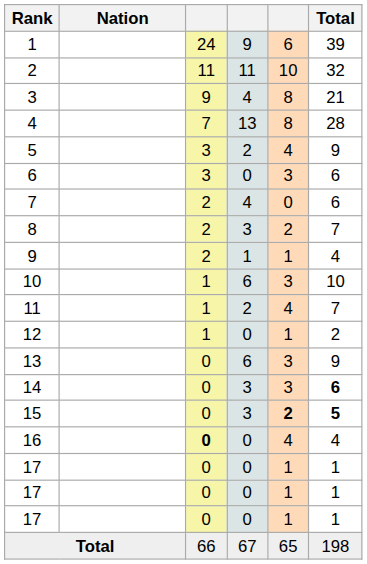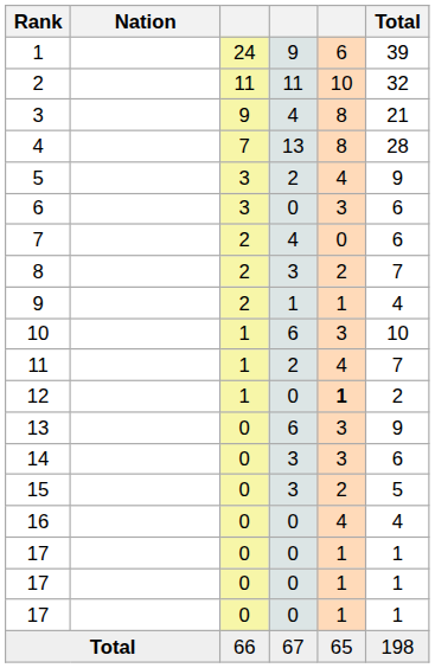 <table class=wikitable width=35% cellspacing="1" cellpadding="3" style="border:1px solid #AAAAAA;font-size:90%">
 <tr bgcolor="#EFEFEF">
 <th width=50>Rank</th>
 <th width=200>Nation</th>
 <th width=50></th>
 <th width=50></th>
 <th width=50></th>
 <th width=50>Total</th>
 </tr>
 <tr align="center" valign="top" bgcolor="#FFFFFF">
 <td rowspan="1" valign="center">1</td>
 <td align="left"></td>
 <td style="background:#F7F6A8;">24</td>
 <td style="background:#DCE5E5;">9</td>
 <td style="background:#FFDAB9;">6</td>
 <td>39</td>
 </tr>
 <tr align="center" valign="top" bgcolor="#FFFFFF">
 <td rowspan="1" valign="center">2</td>
 <td align="left"></td>
 <td style="background:#F7F6A8;">11</td>
 <td style="background:#DCE5E5;">11</td>
 <td style="background:#FFDAB9;">10</td>
 <td>32</td>
 </tr>
 <tr align="center" valign="top" bgcolor="#FFFFFF">
 <td rowspan="1" valign="center">3</td>
 <td align="left"></td>
 <td style="background:#F7F6A8;">9</td>
 <td style="background:#DCE5E5;">4</td>
 <td style="background:#FFDAB9;">8</td>
 <td>21</td>
 </tr>
 <tr align="center" valign="top" bgcolor="#FFFFFF">
 <td rowspan="1" valign="center">4</td>
 <td align="left"></td>
 <td style="background:#F7F6A8;">7</td>
 <td style="background:#DCE5E5;">13</td>
 <td style="background:#FFDAB9;">8</td>
 <td>28</td>
 </tr>
 <tr align="center" valign="top" bgcolor="#FFFFFF">
 <td rowspan="1" valign="center">5</td>
 <td align="left"></td>
 <td style="background:#F7F6A8;">3</td>
 <td style="background:#DCE5E5;">2</td>
 <td style="background:#FFDAB9;">4</td>
 <td>9</td>
 </tr>
 <tr align="center" valign="top" bgcolor="#FFFFFF">
 <td rowspan="1" valign="center">6</td>
 <td align="left"></td>
 <td style="background:#F7F6A8;">3</td>
 <td style="background:#DCE5E5;">0</td>
 <td style="background:#FFDAB9;">3</td>
 <td>6</td>
 </tr>
 <tr align="center" valign="top" bgcolor="#FFFFFF">
 <td rowspan="1" valign="center">7</td>
 <td align="left"></td>
 <td style="background:#F7F6A8;">2</td>
 <td style="background:#DCE5E5;">4</td>
 <td style="background:#FFDAB9;">0</td>
 <td>6</td>
 </tr>
 <tr align="center" valign="top" bgcolor="#FFFFFF">
 <td rowspan="1" valign="center">8</td>
 <td align="left"></td>
 <td style="background:#F7F6A8;">2</td>
 <td style="background:#DCE5E5;">3</td>
 <td style="background:#FFDAB9;">2</td>
 <td>7</td>
 </tr>
 <tr align="center" valign="top" bgcolor="#FFFFFF">
 <td rowspan="1" valign="center">9</td>
 <td align="left"></td>
 <td style="background:#F7F6A8;">2</td>
 <td style="background:#DCE5E5;">1</td>
 <td style="background:#FFDAB9;">1</td>
 <td>4</td>
 </tr>
 <tr align="center" valign="top" bgcolor="#FFFFFF">
 <td rowspan="1" valign="center">10</td>
 <td align="left"></td>
 <td style="background:#F7F6A8;">1</td>
 <td style="background:#DCE5E5;">6</td>
 <td style="background:#FFDAB9;">3</td>
 <td>10</td>
 </tr>
 <tr align="center" valign="top" bgcolor="#FFFFFF">
 <td rowspan="1" valign="center">11</td>
 <td align="left"></td>
 <td style="background:#F7F6A8;">1</td>
 <td style="background:#DCE5E5;">2</td>
 <td style="background:#FFDAB9;">4</td>
 <td>7</td>
 </tr>
 <tr align="center" valign="top" bgcolor="#FFFFFF">
 <td rowspan="1" valign="center">12</td>
 <td align="left"></td>
 <td style="background:#F7F6A8;">1</td>
 <td style="background:#DCE5E5;">0</td>
-<td style="background:#FFDAB9;">1</td>
+<td style="background:#FFDAB9;"><strong>1</strong></td>
 <td>2</td>
 </tr>
 <tr align="center" valign="top" bgcolor="#FFFFFF">
 <td rowspan="1" valign="center">13</td>
 <td align="left"></td>
 <td style="background:#F7F6A8;">0</td>
 <td style="background:#DCE5E5;">6</td>
 <td style="background:#FFDAB9;">3</td>
 <td>9</td>
 </tr>
 <tr align="center" valign="top" bgcolor="#FFFFFF">
 <td rowspan="1" valign="center">14</td>
 <td align="left"></td>
 <td style="background:#F7F6A8;">0</td>
 <td style="background:#DCE5E5;">3</td>
 <td style="background:#FFDAB9;">3</td>
-<td><strong>6</strong></td>
+<td>6</td>
 </tr>
 <tr align="center" valign="top" bgcolor="#FFFFFF">
 <td rowspan="1" valign="center">15</td>
 <td align="left"></td>
 <td style="background:#F7F6A8;">0</td>
 <td style="background:#DCE5E5;">3</td>
-<td style="background:#FFDAB9;"><strong>2</strong></td>
-<td><strong>5</strong></td>
+<td style="background:#FFDAB9;">2</td>
+<td>5</td>
 </tr>
 <tr align="center" valign="top" bgcolor="#FFFFFF">
 <td rowspan="1" valign="center">16</td>
 <td align="left"></td>
-<td style="background:#F7F6A8;"><strong>0</strong></td>
+<td style="background:#F7F6A8;">0</td>
 <td style="background:#DCE5E5;">0</td>
 <td style="background:#FFDAB9;">4</td>
 <td>4</td>
 </tr>
 <tr align="center" valign="top" bgcolor="#FFFFFF">
 <td rowspan="1" valign="center">17</td>
 <td align="left"></td>
 <td style="background:#F7F6A8;">0</td>
 <td style="background:#DCE5E5;">0</td>
 <td style="background:#FFDAB9;">1</td>
 <td>1</td>
 </tr>
 <tr align="center" valign="top" bgcolor="#FFFFFF">
 <td rowspan="1" valign="center">17</td>
 <td align="left"></td>
 <td style="background:#F7F6A8;">0</td>
 <td style="background:#DCE5E5;">0</td>
 <td style="background:#FFDAB9;">1</td>
 <td>1</td>
 </tr>
 <tr align="center" valign="top" bgcolor="#FFFFFF">
 <td rowspan="1" valign="center">17</td>
 <td align="left"></td>
 <td style="background:#F7F6A8;">0</td>
 <td style="background:#DCE5E5;">0</td>
 <td style="background:#FFDAB9;">1</td>
 <td>1</td>
 </tr>
 <tr align="center" valign="top" bgcolor="#EFEFEF">
 <td colspan="2" rowspan="1" valign="center"><strong>Total</strong></td>
 <td>66</td>
 <td>67</td>
 <td>65</td>
 <td>198</td>
 </tr>
 </table>
